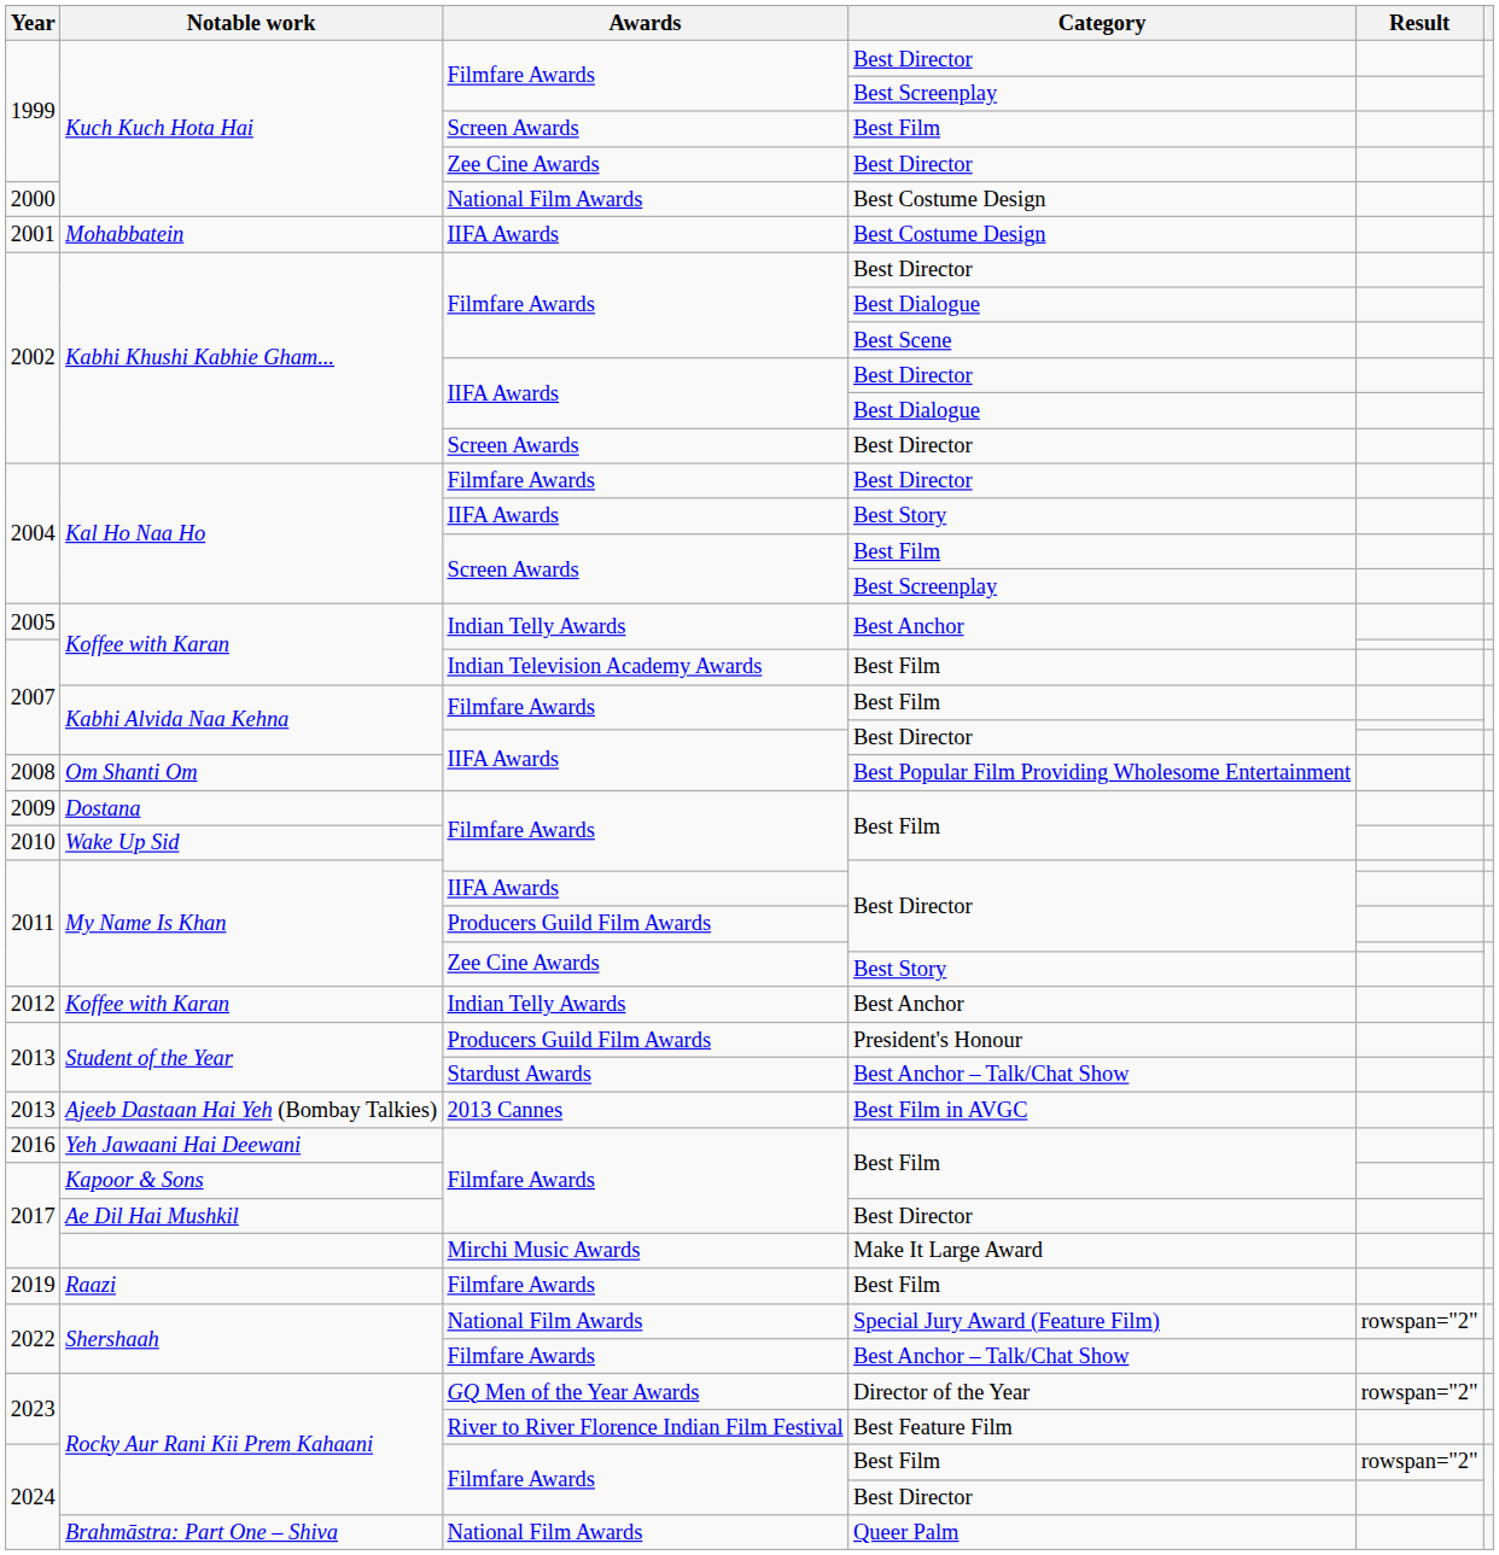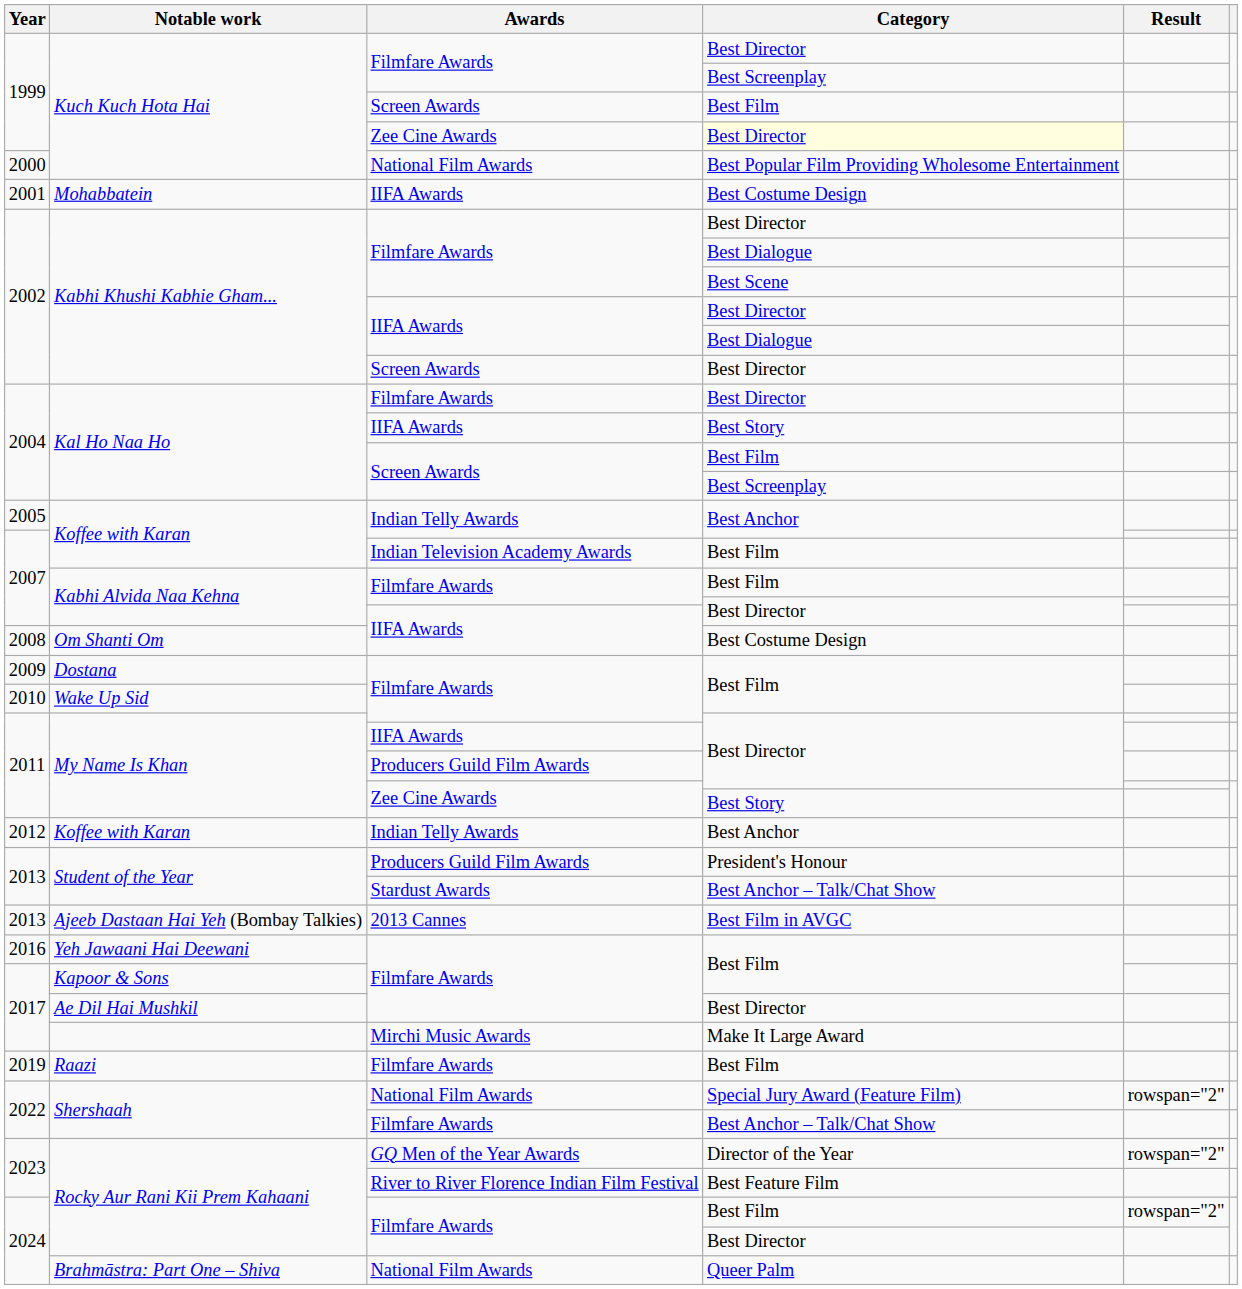 <table class="wikitable plainrowheaders sortable">
 <tr>
 <th scope="col">Year</th>
 <th scope="col">Notable work</th>
 <th scope="col">Awards</th>
 <th scope="col">Category</th>
 <th scope="col">Result</th>
 <th scope="col" class="unsortable"></th>
 </tr>
 <tr>
 <td rowspan=4 style="text-align:center">1999</td>
 <td rowspan=5><em><a href='#'>Kuch Kuch Hota Hai</a></em></td>
 <td rowspan=2><a href='#'>Filmfare Awards</a></td>
 <td><a href='#'>Best Director</a></td>
 <td></td>
 <td rowspan=2 style="text-align:center"></td>
 </tr>
 <tr>
 <td><a href='#'>Best Screenplay</a></td>
 <td></td>
 </tr>
 <tr>
 <td><a href='#'>Screen Awards</a></td>
 <td><a href='#'>Best Film</a></td>
 <td></td>
 <td style="text-align:center"></td>
 </tr>
 <tr>
 <td><a href='#'>Zee Cine Awards</a></td>
-<td><a href='#'>Best Director</a></td>
+<td style="background: lightyellow;"><a href='#'>Best Director</a></td>
 <td></td>
 <td style="text-align:center"></td>
 </tr>
 <tr>
 <td style="text-align:center">2000</td>
 <td><a href='#'>National Film Awards</a></td>
-<td>Best Costume Design</td>
+<td><a href='#'>Best Popular Film Providing Wholesome Entertainment</a></td>
 <td></td>
 <td style="text-align:center"></td>
 </tr>
 <tr>
 <td style="text-align:center">2001</td>
 <td><em><a href='#'>Mohabbatein</a></em></td>
 <td><a href='#'>IIFA Awards</a></td>
 <td><a href='#'>Best Costume Design</a></td>
 <td></td>
 <td style="text-align:center"></td>
 </tr>
 <tr>
 <td rowspan=6 style="text-align:center">2002</td>
 <td rowspan=6><em><a href='#'>Kabhi Khushi Kabhie Gham...</a></em></td>
 <td rowspan=3><a href='#'>Filmfare Awards</a></td>
 <td>Best Director</td>
 <td></td>
 <td rowspan=3 style="text-align:center"></td>
 </tr>
 <tr>
 <td><a href='#'>Best Dialogue</a></td>
 <td></td>
 </tr>
 <tr>
 <td><a href='#'>Best Scene</a></td>
 <td></td>
 </tr>
 <tr>
 <td rowspan=2><a href='#'>IIFA Awards</a></td>
 <td><a href='#'>Best Director</a></td>
 <td></td>
 <td rowspan=2 style="text-align:center"></td>
 </tr>
 <tr>
 <td><a href='#'>Best Dialogue</a></td>
 <td></td>
 </tr>
 <tr>
 <td rowspan=1><a href='#'>Screen Awards</a></td>
 <td>Best Director</td>
 <td></td>
 <td style="text-align:center"></td>
 </tr>
 <tr>
 <td rowspan=4 style="text-align:center">2004</td>
 <td rowspan=4><em><a href='#'>Kal Ho Naa Ho</a></em></td>
 <td><a href='#'>Filmfare Awards</a></td>
 <td><a href='#'>Best Director</a></td>
 <td></td>
 <td style="text-align:center"></td>
 </tr>
 <tr>
 <td><a href='#'>IIFA Awards</a></td>
 <td><a href='#'>Best Story</a></td>
 <td></td>
 <td style="text-align:center"></td>
 </tr>
 <tr>
 <td rowspan=2><a href='#'>Screen Awards</a></td>
 <td><a href='#'>Best Film</a></td>
 <td></td>
 <td style="text-align:center"></td>
 </tr>
 <tr>
 <td><a href='#'>Best Screenplay</a></td>
 <td></td>
 <td style="text-align:center"></td>
 </tr>
 <tr>
 <td style="text-align:center;">2005</td>
 <td rowspan=3><em><a href='#'>Koffee with Karan</a></em></td>
 <td rowspan=2><a href='#'>Indian Telly Awards</a></td>
 <td rowspan=2><a href='#'>Best Anchor</a></td>
 <td></td>
 <td style="text-align:center;"></td>
 </tr>
 <tr>
 <td rowspan=5 style="text-align:center">2007</td>
 <td></td>
 <td style="text-align:center;"></td>
 </tr>
 <tr>
 <td><a href='#'>Indian Television Academy Awards</a></td>
 <td>Best Film</td>
 <td></td>
 <td style="text-align:center;"></td>
 </tr>
 <tr>
 <td rowspan=3><em><a href='#'>Kabhi Alvida Naa Kehna</a></em></td>
 <td rowspan=2><a href='#'>Filmfare Awards</a></td>
 <td>Best Film</td>
 <td></td>
 <td rowspan=2 style="text-align:center"></td>
 </tr>
 <tr>
 <td rowspan="2">Best Director</td>
 <td></td>
 </tr>
 <tr>
 <td rowspan="2"><a href='#'>IIFA Awards</a></td>
 <td></td>
 <td style="text-align:center"></td>
 </tr>
 <tr>
 <td style="text-align:center">2008</td>
 <td><em><a href='#'>Om Shanti Om</a></em></td>
-<td><a href='#'>Best Popular Film Providing Wholesome Entertainment</a></td>
+<td>Best Costume Design</td>
 <td></td>
 <td></td>
 </tr>
 <tr>
 <td style="text-align:center">2009</td>
 <td><em><a href='#'>Dostana</a></em></td>
 <td rowspan="3"><a href='#'>Filmfare Awards</a></td>
 <td rowspan=2>Best Film</td>
 <td></td>
 <td style="text-align:center"></td>
 </tr>
 <tr>
 <td style="text-align:center">2010</td>
 <td><em><a href='#'>Wake Up Sid</a></em></td>
 <td></td>
 <td style="text-align:center"></td>
 </tr>
 <tr>
 <td rowspan=5 style="text-align:center">2011</td>
 <td rowspan=5><em><a href='#'>My Name Is Khan</a></em></td>
 <td rowspan="4">Best Director</td>
 <td></td>
 <td style="text-align:center"></td>
 </tr>
 <tr>
 <td><a href='#'>IIFA Awards</a></td>
 <td></td>
 <td style="text-align:center"></td>
 </tr>
 <tr>
 <td><a href='#'>Producers Guild Film Awards</a></td>
 <td></td>
 <td style="text-align:center"></td>
 </tr>
 <tr>
 <td rowspan=2><a href='#'>Zee Cine Awards</a></td>
 <td></td>
 <td rowspan=2 style="text-align:center"></td>
 </tr>
 <tr>
 <td><a href='#'>Best Story</a></td>
 <td></td>
 </tr>
 <tr>
 <td style="text-align:center">2012</td>
 <td><em><a href='#'>Koffee with Karan</a></em></td>
 <td><a href='#'>Indian Telly Awards</a></td>
 <td>Best Anchor</td>
 <td></td>
 <td style="text-align:center;"></td>
 </tr>
 <tr>
 <td rowspan=2 style="text-align:center">2013</td>
 <td rowspan=2><em><a href='#'>Student of the Year</a></em></td>
 <td><a href='#'>Producers Guild Film Awards</a></td>
 <td>President's Honour</td>
 <td></td>
 <td style="text-align:center"></td>
 </tr>
 <tr>
 <td><a href='#'>Stardust Awards</a></td>
 <td><a href='#'>Best Anchor – Talk/Chat Show</a></td>
 <td></td>
 <td style="text-align:center"></td>
 </tr>
 <tr>
 <td style="text-align:center">2013</td>
 <td><em><a href='#'>Ajeeb Dastaan Hai Yeh</a></em> (Bombay Talkies)</td>
 <td><a href='#'>2013 Cannes</a></td>
 <td><a href='#'>Best Film in AVGC</a></td>
 <td></td>
 <td style="text-align:center"></td>
 </tr>
 <tr>
 <td style="text-align:center">2016</td>
 <td><em><a href='#'>Yeh Jawaani Hai Deewani</a></em></td>
 <td rowspan=3><a href='#'>Filmfare Awards</a></td>
 <td rowspan=2>Best Film</td>
 <td></td>
 <td style="text-align:center"></td>
 </tr>
 <tr>
 <td rowspan=3 style="text-align:center">2017</td>
 <td><em><a href='#'>Kapoor & Sons</a></em></td>
 <td></td>
 <td rowspan=2 style="text-align:center"></td>
 </tr>
 <tr>
 <td><em><a href='#'>Ae Dil Hai Mushkil</a></em></td>
 <td>Best Director</td>
 <td></td>
 </tr>
 <tr>
 <td></td>
 <td><a href='#'>Mirchi Music Awards</a></td>
 <td>Make It Large Award</td>
 <td></td>
 <td style="text-align:center"></td>
 </tr>
 <tr>
 <td>2019</td>
 <td><em><a href='#'>Raazi</a></em></td>
 <td><a href='#'>Filmfare Awards</a></td>
 <td>Best Film</td>
 <td></td>
 <td></td>
 </tr>
 <tr>
 <td rowspan="2">2022</td>
 <td rowspan="2"><em><a href='#'>Shershaah</a></em></td>
 <td><a href='#'>National Film Awards</a></td>
 <td><a href='#'>Special Jury Award (Feature Film)</a></td>
 <td>rowspan="2" </td>
 <td></td>
 </tr>
 <tr>
 <td><a href='#'>Filmfare Awards</a></td>
 <td><a href='#'>Best Anchor – Talk/Chat Show</a></td>
 <td></td>
 </tr>
 <tr>
 <td rowspan="2">2023</td>
 <td rowspan="4"><em><a href='#'>Rocky Aur Rani Kii Prem Kahaani</a></em></td>
 <td><a href='#'><em>GQ</em> Men of the Year Awards</a></td>
 <td>Director of the Year</td>
 <td>rowspan="2" </td>
 <td></td>
 </tr>
 <tr>
 <td><a href='#'>River to River Florence Indian Film Festival</a></td>
 <td>Best Feature Film</td>
 <td></td>
 </tr>
 <tr>
 <td rowspan="3">2024</td>
 <td rowspan="2"><a href='#'>Filmfare Awards</a></td>
 <td>Best Film</td>
 <td>rowspan="2" </td>
 <td rowspan="2"></td>
 </tr>
 <tr>
 <td>Best Director</td>
 </tr>
 <tr>
 <td><em><a href='#'>Brahmāstra: Part One – Shiva</a></em></td>
 <td><a href='#'>National Film Awards</a></td>
 <td><a href='#'>Queer Palm</a></td>
 <td></td>
 <td></td>
 </tr>
 <tr>
 </tr>
 </table>
